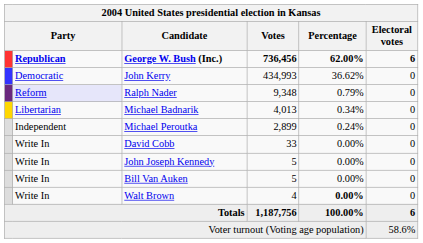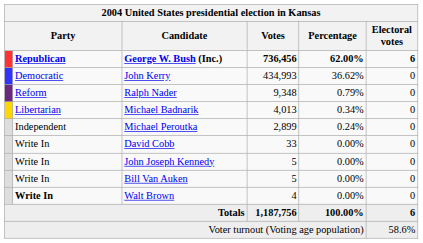 <table class="wikitable" style="font-size: 95%;">
 <tr>
 <th colspan="6">2004 United States presidential election in Kansas</th>
 </tr>
 <tr>
 <th colspan="2" style="width: 15em">Party</th>
 <th style="width: 17em">Candidate</th>
 <th style="width: 5em">Votes</th>
 <th style="width: 7em">Percentage</th>
 <th style="width: 5em">Electoral votes</th>
 </tr>
 <tr>
 <th style="background:#f33; width:3px;"></th>
 <td style="width: 130px"><strong><a href='#'>Republican</a></strong></td>
 <td><strong><a href='#'>George W. Bush</a> (Inc.)</strong></td>
 <td style="text-align:right;"><strong>736,456</strong></td>
 <td style="text-align:right;"><strong>62.00%</strong></td>
 <td style="text-align:right;"><strong>6</strong></td>
 </tr>
 <tr>
 <th style="background:#33f; width:3px;"></th>
 <td style="width: 130px"><a href='#'>Democratic</a></td>
 <td><a href='#'>John Kerry</a></td>
 <td style="text-align:right;">434,993</td>
 <td style="text-align:right;">36.62%</td>
 <td style="text-align:right;">0</td>
 </tr>
 <tr>
 <th style="background:#6a287e; width:3px;"></th>
-<td style="background: lavender; width: 130px"><a href='#'>Reform</a></td>
+<td style="width: 130px"><a href='#'>Reform</a></td>
 <td><a href='#'>Ralph Nader</a></td>
 <td style="text-align:right;">9,348</td>
 <td style="text-align:right;">0.79%</td>
 <td style="text-align:right;">0</td>
 </tr>
 <tr>
 <th style="background:#FFD700; width:3px;"></th>
 <td style="width: 130px"><a href='#'>Libertarian</a></td>
 <td><a href='#'>Michael Badnarik</a></td>
 <td style="text-align:right;">4,013</td>
 <td style="text-align:right;">0.34%</td>
 <td style="text-align:right;">0</td>
 </tr>
 <tr>
 <th style="background:#ddd; width:3px;"></th>
 <td style="width: 130px">Independent</td>
 <td><a href='#'>Michael Peroutka</a></td>
 <td style="text-align:right;">2,899</td>
 <td style="text-align:right;">0.24%</td>
 <td style="text-align:right;">0</td>
 </tr>
 <tr>
 <th style="background:#ddd; width:3px;"></th>
 <td style="width: 130px">Write In</td>
 <td><a href='#'>David Cobb</a></td>
 <td style="text-align:right;">33</td>
 <td style="text-align:right;">0.00%</td>
 <td style="text-align:right;">0</td>
 </tr>
 <tr>
 <th style="background:#ddd; width:3px;"></th>
 <td style="width: 130px">Write In</td>
 <td><a href='#'>John Joseph Kennedy</a></td>
 <td style="text-align:right;">5</td>
 <td style="text-align:right;">0.00%</td>
 <td style="text-align:right;">0</td>
 </tr>
 <tr>
 <th style="background:#ddd; width:3px;"></th>
 <td style="width: 130px">Write In</td>
 <td><a href='#'>Bill Van Auken</a></td>
 <td style="text-align:right;">5</td>
 <td style="text-align:right;">0.00%</td>
 <td style="text-align:right;">0</td>
 </tr>
 <tr>
 <th style="background:#ddd; width:3px;"></th>
-<td style="width: 130px">Write In</td>
+<td style="width: 130px"><strong>Write In</strong></td>
 <td><a href='#'>Walt Brown</a></td>
 <td style="text-align:right;">4</td>
-<td style="text-align:right;"><strong>0.00%</strong></td>
+<td style="text-align:right;">0.00%</td>
 <td style="text-align:right;">0</td>
 </tr>
 <tr style="background:#eee; text-align:right;">
 <td colspan="3"><strong>Totals</strong></td>
 <td><strong>1,187,756</strong></td>
 <td><strong>100.00%</strong></td>
 <td><strong>6</strong></td>
 </tr>
 <tr style="background:#eee; text-align:right;">
 <td colspan="5">Voter turnout (Voting age population)</td>
 <td>58.6%</td>
 </tr>
 </table>
